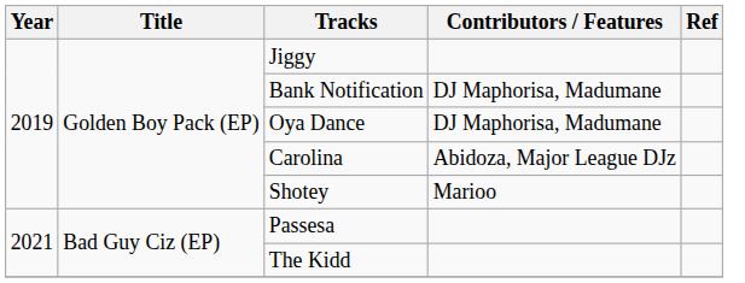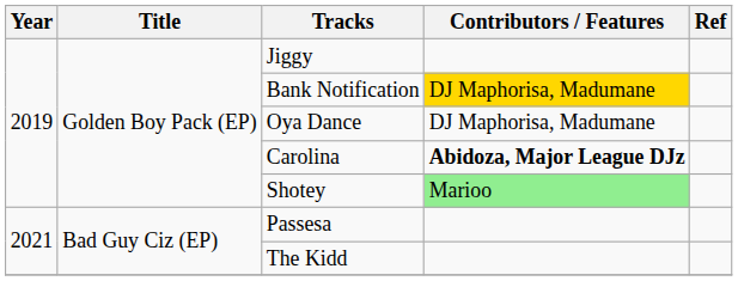 <table class ="wikitable">
 <tr>
 <th>Year</th>
 <th>Title</th>
 <th>Tracks</th>
 <th>Contributors / Features</th>
 <th>Ref</th>
 </tr>
 <tr>
 <td rowspan="5">2019</td>
 <td rowspan="5">Golden Boy Pack (EP)</td>
 <td>Jiggy</td>
 <td></td>
 <td></td>
 </tr>
 <tr>
 <td>Bank Notification</td>
-<td>DJ Maphorisa, Madumane</td>
+<td style="background: gold;">DJ Maphorisa, Madumane</td>
 <td></td>
 </tr>
 <tr>
 <td>Oya Dance</td>
 <td>DJ Maphorisa, Madumane</td>
 <td></td>
 </tr>
 <tr>
 <td>Carolina</td>
-<td>Abidoza, Major League DJz</td>
+<td><strong>Abidoza, Major League DJz</strong></td>
 <td></td>
 </tr>
 <tr>
 <td>Shotey</td>
-<td>Marioo</td>
+<td style="background: lightgreen;">Marioo</td>
 <td></td>
 </tr>
 <tr>
 <td rowspan="2">2021</td>
 <td rowspan="2">Bad Guy Ciz (EP)</td>
 <td>Passesa</td>
 <td></td>
 <td></td>
 </tr>
 <tr>
 <td>The Kidd</td>
 <td></td>
 <td></td>
 </tr>
 <tr>
 </tr>
 </table>
